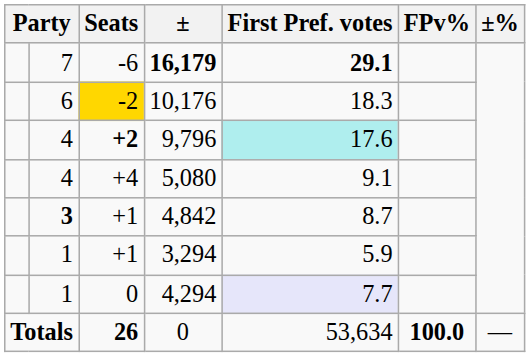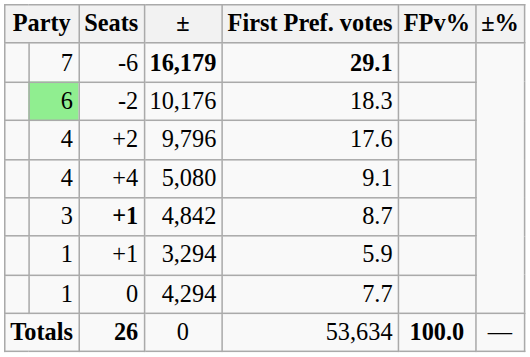 <table class=wikitable>
 <tr>
 <th colspan=2 align=center>Party</th>
 <th valign=top>Seats</th>
 <th valign=top>±</th>
 <th valign=top>First Pref. votes</th>
 <th valign=top>FPv%</th>
 <th valign=top>±%</th>
 </tr>
 <tr>
 <td></td>
 <td align=right>7</td>
 <td align=right>-6</td>
 <td align=right><strong>16,179</strong></td>
 <td align=right><strong>29.1</strong></td>
 <td align=right></td>
 </tr>
 <tr>
 <td></td>
-<td align=right>6</td>
-<td align=right style="background: gold;">-2</td>
+<td align=right style="background: lightgreen;">6</td>
+<td align=right>-2</td>
 <td align=right>10,176</td>
 <td align=right>18.3</td>
 <td align=right></td>
 </tr>
 <tr>
 <td></td>
 <td align=right>4</td>
-<td align=right><strong>+2</strong></td>
+<td align=right>+2</td>
 <td align=right>9,796</td>
-<td align=right style="background: paleturquoise;">17.6</td>
+<td align=right>17.6</td>
 <td align=right></td>
 </tr>
 <tr>
 <td></td>
 <td align=right>4</td>
 <td align=right>+4</td>
 <td align=right>5,080</td>
 <td align=right>9.1</td>
 <td align=right></td>
 </tr>
 <tr>
 <td></td>
-<td align=right><strong>3</strong></td>
-<td align=right>+1</td>
+<td align=right>3</td>
+<td align=right><strong>+1</strong></td>
 <td align=right>4,842</td>
 <td align=right>8.7</td>
 <td align=right></td>
 </tr>
 <tr>
 <td></td>
 <td align=right>1</td>
 <td align=right>+1</td>
 <td align=right>3,294</td>
 <td align=right>5.9</td>
 <td align=right></td>
 </tr>
 <tr>
 <td></td>
 <td align=right>1</td>
 <td align=right>0</td>
 <td align=right>4,294</td>
-<td align=right style="background: lavender;">7.7</td>
+<td align=right>7.7</td>
 <td align=right></td>
 </tr>
 <tr>
 <td colspan=2 align=center><strong>Totals</strong></td>
 <td align=right><strong>26</strong></td>
 <td align=center>0</td>
 <td align=right>53,634</td>
 <td align=center><strong>100.0</strong></td>
 <td align=center>—</td>
 </tr>
 </table>
